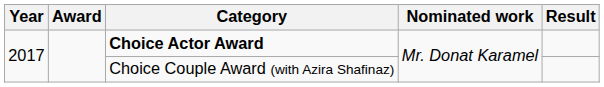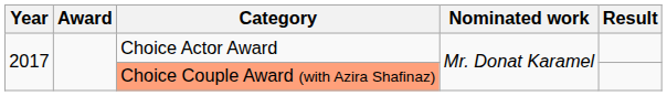 <table class="wikitable">
 <tr style="text-align:center;">
 <th>Year</th>
 <th>Award</th>
 <th>Category</th>
 <th>Nominated work</th>
 <th>Result</th>
 </tr>
 <tr>
 <td rowspan="2">2017</td>
 <td rowspan="2"></td>
-<td><strong>Choice Actor Award</strong></td>
+<td>Choice Actor Award</td>
 <td rowspan="2" style="text-align:center"><em>Mr. Donat Karamel</em></td>
 <td></td>
 </tr>
 <tr>
-<td>Choice Couple Award <small>(with Azira Shafinaz)</small></td>
+<td style="background: lightsalmon;">Choice Couple Award <small>(with Azira Shafinaz)</small></td>
 <td></td>
 </tr>
 </table>
